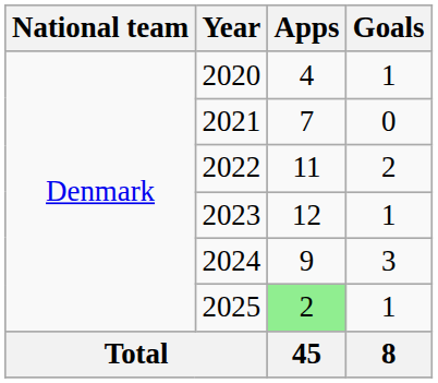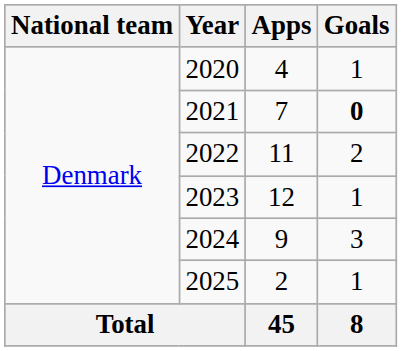 <table class="wikitable" style="text-align:center">
 <tr>
 <th>National team</th>
 <th>Year</th>
 <th>Apps</th>
 <th>Goals</th>
 </tr>
 <tr>
 <td rowspan="6"><a href='#'>Denmark</a></td>
 <td>2020</td>
 <td>4</td>
 <td>1</td>
 </tr>
 <tr>
 <td>2021</td>
 <td>7</td>
-<td>0</td>
+<td><strong>0</strong></td>
 </tr>
 <tr>
 <td>2022</td>
 <td>11</td>
 <td>2</td>
 </tr>
 <tr>
 <td>2023</td>
 <td>12</td>
 <td>1</td>
 </tr>
 <tr>
 <td>2024</td>
 <td>9</td>
 <td>3</td>
 </tr>
 <tr>
 <td>2025</td>
-<td style="background: lightgreen;">2</td>
+<td>2</td>
 <td>1</td>
 </tr>
 <tr>
 <th colspan="2">Total</th>
 <th>45</th>
 <th>8</th>
 </tr>
 </table>
